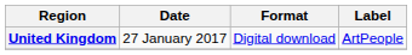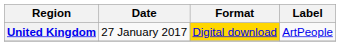 <table class="wikitable plainrowheaders" style="text-align:center;">
 <tr>
 <th>Region</th>
 <th>Date</th>
 <th>Format</th>
 <th>Label</th>
 </tr>
 <tr>
 <th scope="row"><a href='#'>United Kingdom</a></th>
 <td>27 January 2017</td>
-<td><a href='#'>Digital download</a></td>
+<td style="background: gold;"><a href='#'>Digital download</a></td>
 <td><a href='#'>ArtPeople</a></td>
 </tr>
 <tr>
 </tr>
 </table>
